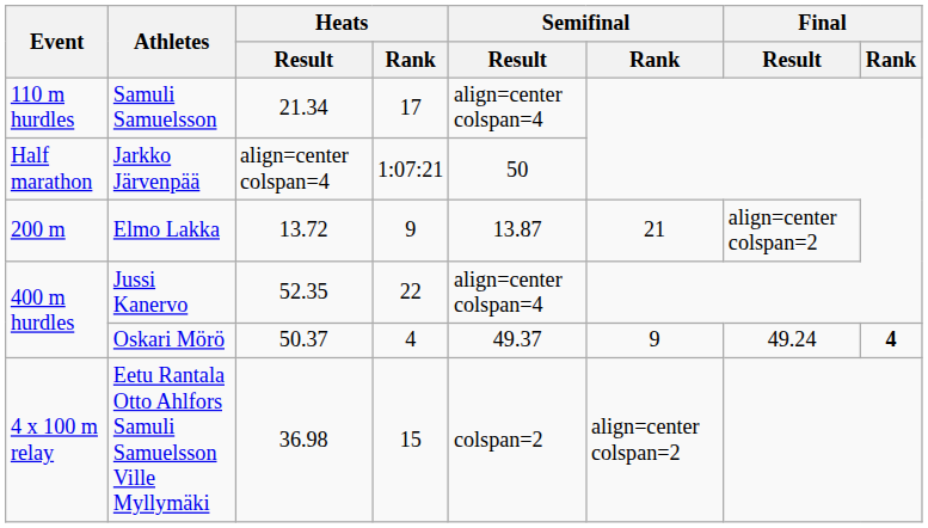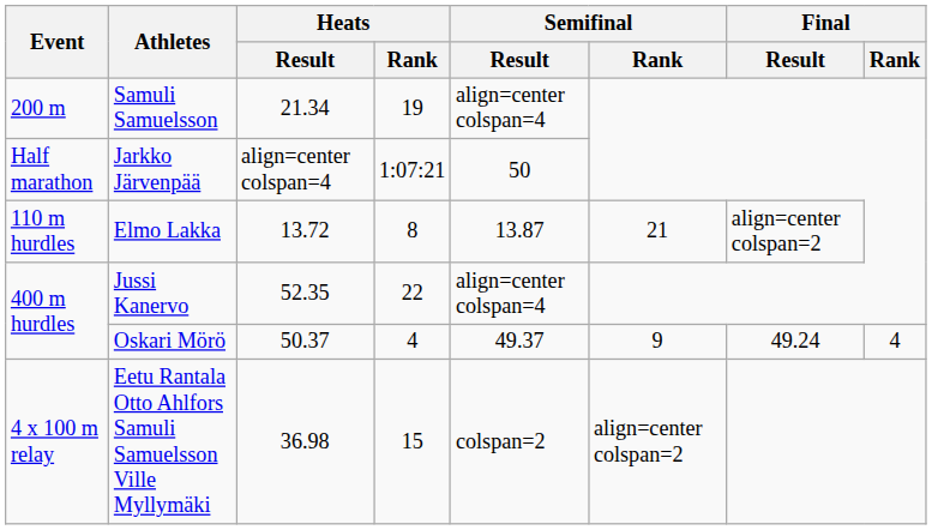 <table class="wikitable" border="1" style="font-size:90%">
 <tr>
 <th rowspan=2>Event</th>
 <th rowspan=2>Athletes</th>
 <th colspan=2>Heats</th>
 <th colspan=2>Semifinal</th>
 <th colspan=2>Final</th>
 </tr>
 <tr>
 <th>Result</th>
 <th>Rank</th>
 <th>Result</th>
 <th>Rank</th>
 <th>Result</th>
 <th>Rank</th>
 </tr>
 <tr>
-<td><a href='#'>110 m hurdles</a></td>
+<td><a href='#'>200 m</a></td>
 <td><a href='#'>Samuli Samuelsson</a></td>
 <td align=center>21.34</td>
-<td align=center>17</td>
+<td align=center>19</td>
 <td>align=center colspan=4 </td>
 </tr>
 <tr>
 <td><a href='#'>Half marathon</a></td>
 <td><a href='#'>Jarkko Järvenpää</a></td>
 <td>align=center colspan=4 </td>
 <td align=center>1:07:21</td>
 <td align=center>50</td>
 </tr>
 <tr>
-<td><a href='#'>200 m</a></td>
+<td><a href='#'>110 m hurdles</a></td>
 <td><a href='#'>Elmo Lakka</a></td>
 <td align=center>13.72 </td>
-<td align=center>9 </td>
+<td align=center>8 </td>
 <td align=center>13.87</td>
 <td align=center>21</td>
 <td>align=center colspan=2 </td>
 </tr>
 <tr>
 <td rowspan=2><a href='#'>400 m hurdles</a></td>
 <td><a href='#'>Jussi Kanervo</a></td>
 <td align=center>52.35</td>
 <td align=center>22</td>
 <td>align=center colspan=4 </td>
 </tr>
 <tr>
 <td><a href='#'>Oskari Mörö</a></td>
 <td align=center>50.37</td>
 <td align=center>4 </td>
 <td align=center>49.37 </td>
 <td align=center>9 </td>
 <td align=center>49.24 </td>
-<td align=center><strong>4</strong></td>
+<td align=center>4</td>
 </tr>
 <tr>
 <td><a href='#'>4 x 100 m relay</a></td>
 <td><a href='#'>Eetu Rantala</a><br><a href='#'>Otto Ahlfors</a><br><a href='#'>Samuli Samuelsson</a><br><a href='#'>Ville Myllymäki</a></td>
 <td align=center>36.98</td>
 <td align=center>15</td>
 <td>colspan=2 </td>
 <td>align=center colspan=2 </td>
 </tr>
 </table>
